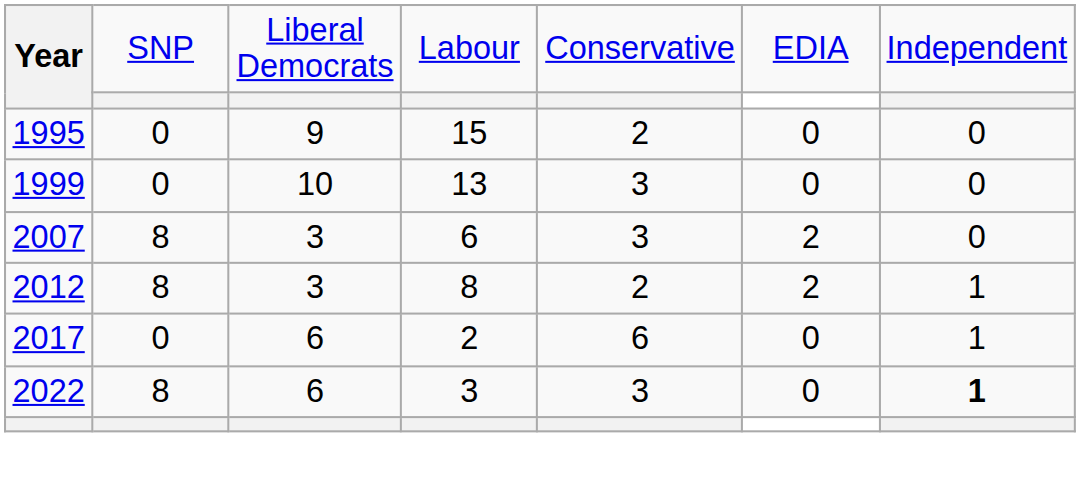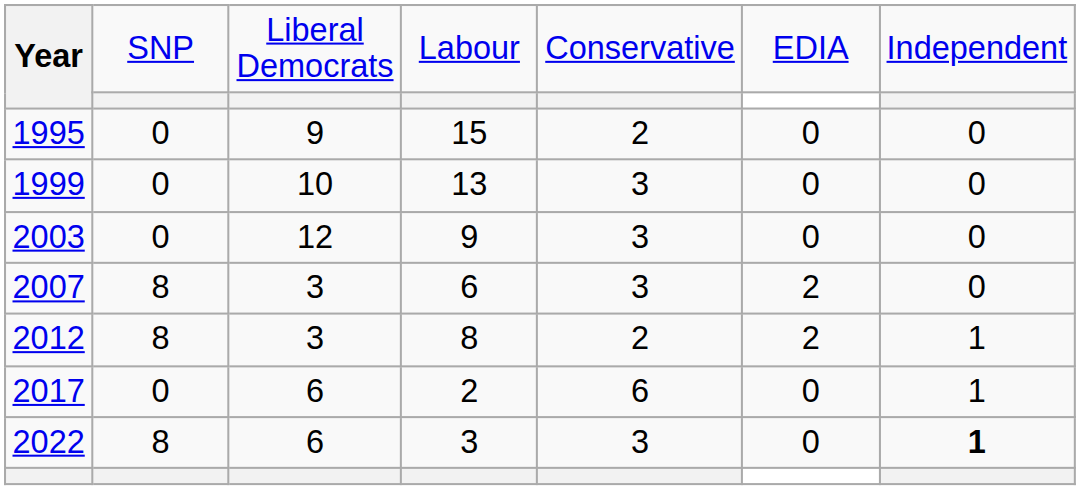 <table class=wikitable style=text-align:center>
 <tr>
 <th rowspan=2>Year</th>
 <td width="60"><a href='#'>SNP</a></td>
 <td width="60"><a href='#'>Liberal Democrats</a></td>
 <td width="60"><a href='#'>Labour</a></td>
 <td width="60"><a href='#'>Conservative</a></td>
 <td width="60"><a href='#'>EDIA</a></td>
 <td width="60"><a href='#'>Independent</a></td>
 </tr>
 <tr>
 <th style="background-color: "></th>
 <th style="background-color: "></th>
 <th style="background-color: "></th>
 <th style="background-color: "></th>
 <th style="background-color: #FFFFFF; width: 3px;"></th>
 <th style="background-color: "></th>
 </tr>
 <tr>
 <td><a href='#'>1995</a></td>
 <td>0</td>
 <td>9</td>
 <td>15</td>
 <td>2</td>
 <td>0</td>
 <td>0</td>
 </tr>
 <tr>
 <td><a href='#'>1999</a></td>
 <td>0</td>
 <td>10</td>
 <td>13</td>
+<td>3</td>
+<td>0</td>
+<td>0</td>
+</tr>
+<tr>
+<td><a href='#'>2003</a></td>
+<td>0</td>
+<td>12</td>
+<td>9</td>
 <td>3</td>
 <td>0</td>
 <td>0</td>
 </tr>
 <tr>
 <td><a href='#'>2007</a></td>
 <td>8</td>
 <td>3</td>
 <td>6</td>
 <td>3</td>
 <td>2</td>
 <td>0</td>
 </tr>
 <tr>
 <td><a href='#'>2012</a></td>
 <td>8</td>
 <td>3</td>
 <td>8</td>
 <td>2</td>
 <td>2</td>
 <td>1</td>
 </tr>
 <tr>
 <td><a href='#'>2017</a></td>
 <td>0</td>
 <td>6</td>
 <td>2</td>
 <td>6</td>
 <td>0</td>
 <td>1</td>
 </tr>
 <tr>
 <td><a href='#'>2022</a></td>
 <td>8</td>
 <td>6</td>
 <td>3</td>
 <td>3</td>
 <td>0</td>
 <td><strong>1</strong></td>
 </tr>
 <tr>
 <th></th>
 <th style="background-color: "></th>
 <th style="background-color: "></th>
 <th style="background-color: "></th>
 <th style="background-color: "></th>
 <th style="background-color: #FFFFFF; width: 3px;"></th>
 <th style="background-color: "></th>
 </tr>
 </table>
